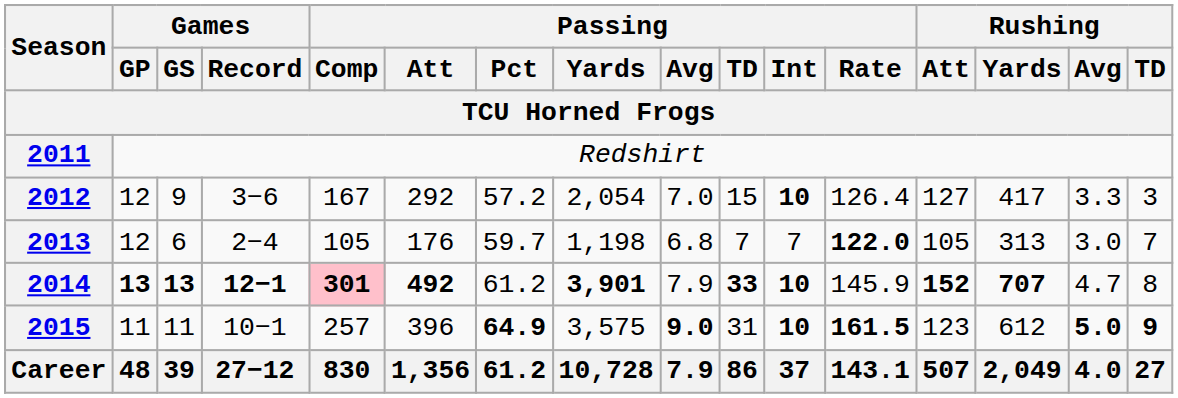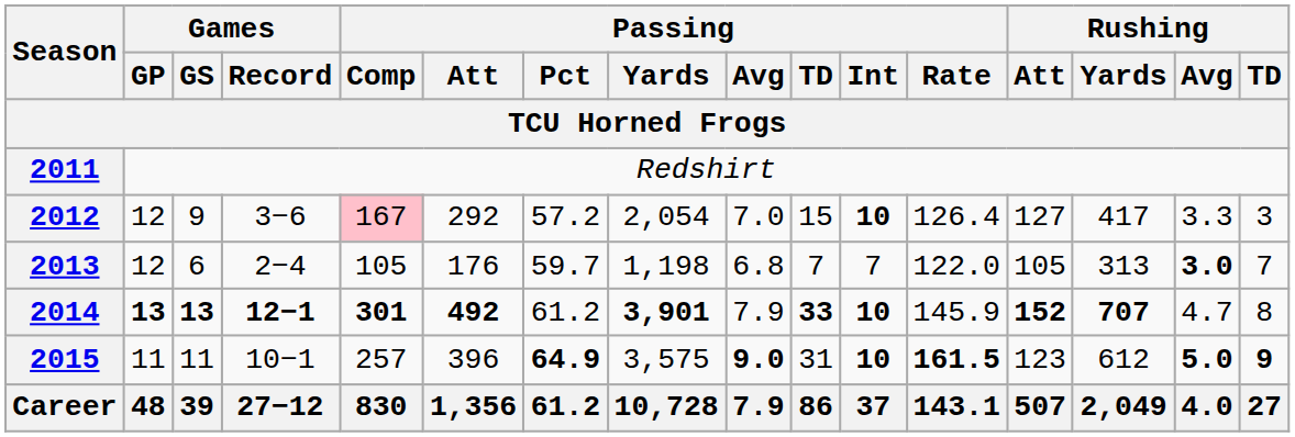 <table class="wikitable" style="text-align:center;">
 <tr>
 <th rowspan="2">Season</th>
 <th colspan="3">Games</th>
 <th colspan="8">Passing</th>
 <th colspan="5">Rushing</th>
 </tr>
 <tr>
 <th>GP</th>
 <th>GS</th>
 <th>Record</th>
 <th>Comp</th>
 <th>Att</th>
 <th>Pct</th>
 <th>Yards</th>
 <th>Avg</th>
 <th>TD</th>
 <th>Int</th>
 <th>Rate</th>
 <th>Att</th>
 <th>Yards</th>
 <th>Avg</th>
 <th>TD</th>
 </tr>
 <tr>
 <th colspan="16">TCU Horned Frogs</th>
 </tr>
 <tr>
 <th><a href='#'>2011</a></th>
 <td colspan="15"><em>Redshirt </em></td>
 </tr>
 <tr>
 <th><a href='#'>2012</a></th>
 <td>12</td>
 <td>9</td>
 <td>3−6</td>
-<td>167</td>
+<td style="background: pink;">167</td>
 <td>292</td>
 <td>57.2</td>
 <td>2,054</td>
 <td>7.0</td>
 <td>15</td>
 <td><strong>10</strong></td>
 <td>126.4</td>
 <td>127</td>
 <td>417</td>
 <td>3.3</td>
 <td>3</td>
 </tr>
 <tr>
 <th><a href='#'>2013</a></th>
 <td>12</td>
 <td>6</td>
 <td>2−4</td>
 <td>105</td>
 <td>176</td>
 <td>59.7</td>
 <td>1,198</td>
 <td>6.8</td>
 <td>7</td>
 <td>7</td>
-<td><strong>122.0</strong></td>
+<td>122.0</td>
 <td>105</td>
 <td>313</td>
-<td>3.0</td>
+<td><strong>3.0</strong></td>
 <td>7</td>
 </tr>
 <tr>
 <th><a href='#'>2014</a></th>
 <td><strong>13</strong></td>
 <td><strong>13</strong></td>
 <td><strong>12−1</strong></td>
-<td style="background: pink;"><strong>301</strong></td>
+<td><strong>301</strong></td>
 <td><strong>492</strong></td>
 <td>61.2</td>
 <td><strong>3,901</strong></td>
 <td>7.9</td>
 <td><strong>33</strong></td>
 <td><strong>10</strong></td>
 <td>145.9</td>
 <td><strong>152</strong></td>
 <td><strong>707</strong></td>
 <td>4.7</td>
 <td>8</td>
 </tr>
 <tr>
 <th><a href='#'>2015</a></th>
 <td>11</td>
 <td>11</td>
 <td>10−1</td>
 <td>257</td>
 <td>396</td>
 <td><strong>64.9</strong></td>
 <td>3,575</td>
 <td><strong>9.0</strong></td>
 <td>31</td>
 <td><strong>10</strong></td>
 <td><strong>161.5</strong></td>
 <td>123</td>
 <td>612</td>
 <td><strong>5.0</strong></td>
 <td><strong>9</strong></td>
 </tr>
 <tr>
 <th>Career</th>
 <th>48</th>
 <th>39</th>
 <th>27−12</th>
 <th>830</th>
 <th>1,356</th>
 <th>61.2</th>
 <th>10,728</th>
 <th>7.9</th>
 <th>86</th>
 <th>37</th>
 <th>143.1</th>
 <th>507</th>
 <th>2,049</th>
 <th>4.0</th>
 <th>27</th>
 </tr>
 </table>
